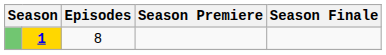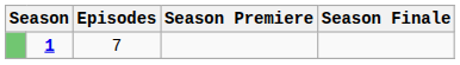 <table class="wikitable">
 <tr>
 <th colspan="2">Season</th>
 <th>Episodes</th>
 <th>Season Premiere</th>
 <th>Season Finale</th>
 </tr>
 <tr>
 <td style="background:#71C671; height:5px;"></td>
-<td style="background: gold; text-align:center;"><strong><a href='#'>1</a></strong></td>
-<td style="text-align:center;">8</td>
+<td style="text-align:center;"><strong><a href='#'>1</a></strong></td>
+<td style="text-align:center;">7</td>
 <td style="text-align:center;"></td>
 <td style="text-align:center;"></td>
 </tr>
 <tr>
 </tr>
 </table>
